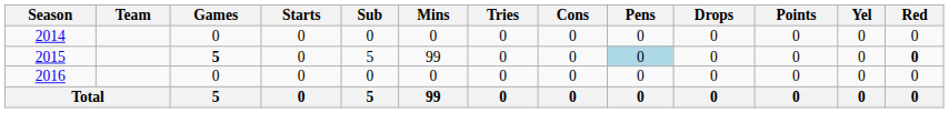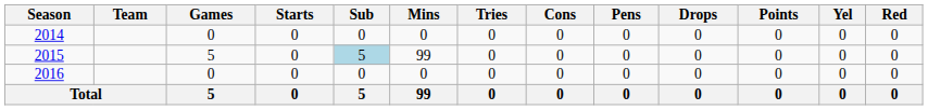 <table class="wikitable" style="text-align:center; line-height:90%; font-size:95%; width:60%;">
 <tr>
 <th>Season</th>
 <th>Team</th>
 <th>Games</th>
 <th>Starts</th>
 <th>Sub</th>
 <th>Mins</th>
 <th>Tries</th>
 <th>Cons</th>
 <th>Pens</th>
 <th>Drops</th>
 <th>Points</th>
 <th>Yel</th>
 <th>Red</th>
 </tr>
 <tr>
 <td><a href='#'>2014</a></td>
 <td></td>
 <td>0</td>
 <td>0</td>
 <td>0</td>
 <td>0</td>
 <td>0</td>
 <td>0</td>
 <td>0</td>
 <td>0</td>
 <td>0</td>
 <td>0</td>
 <td>0</td>
 </tr>
 <tr>
 <td><a href='#'>2015</a></td>
 <td></td>
-<td><strong>5</strong></td>
+<td>5</td>
 <td>0</td>
-<td>5</td>
+<td style="background: lightblue;">5</td>
 <td>99</td>
 <td>0</td>
 <td>0</td>
-<td style="background: lightblue;">0</td>
 <td>0</td>
 <td>0</td>
 <td>0</td>
-<td><strong>0</strong></td>
+<td>0</td>
+<td>0</td>
 </tr>
 <tr>
 <td><a href='#'>2016</a></td>
 <td></td>
 <td>0</td>
 <td>0</td>
 <td>0</td>
 <td>0</td>
 <td>0</td>
 <td>0</td>
 <td>0</td>
 <td>0</td>
 <td>0</td>
 <td>0</td>
 <td>0</td>
 </tr>
 <tr>
 <th colspan="2">Total</th>
 <th>5</th>
 <th>0</th>
 <th>5</th>
 <th>99</th>
 <th>0</th>
 <th>0</th>
 <th>0</th>
 <th>0</th>
 <th>0</th>
 <th>0</th>
 <th>0</th>
 </tr>
 </table>
